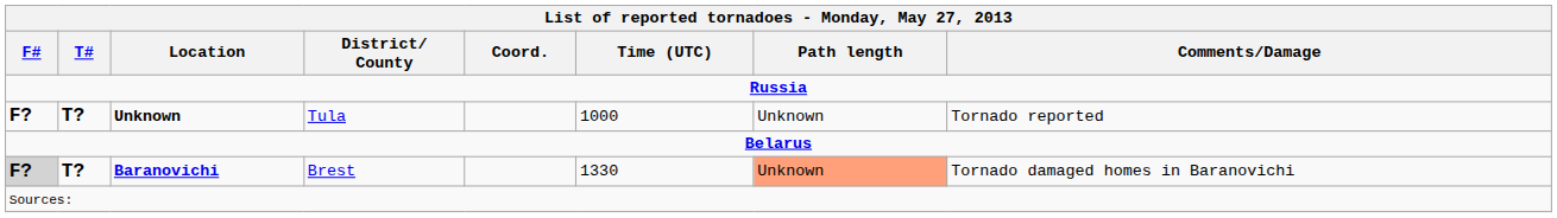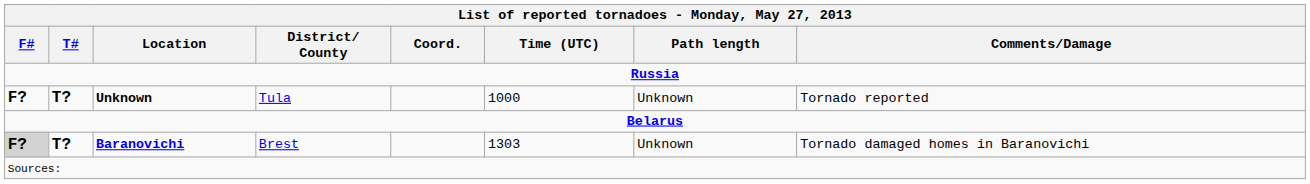 <table class="wikitable collapsible" width="100%">
 <tr>
 <th colspan="8">List of reported tornadoes - Monday, May 27, 2013</th>
 </tr>
 <tr>
 <th><a href='#'>F#</a></th>
 <th><a href='#'>T#</a></th>
 <th>Location</th>
 <th>District/<br>County</th>
 <th>Coord.</th>
 <th>Time (UTC)</th>
 <th>Path length</th>
 <th>Comments/Damage</th>
 </tr>
 <tr>
 <td colspan="8" align=center><strong><a href='#'>Russia</a></strong></td>
 </tr>
 <tr>
 <td><big><strong>F?</strong></big></td>
 <td><big><strong>T?</strong></big></td>
 <td><strong>Unknown</strong></td>
 <td><a href='#'>Tula</a></td>
 <td></td>
 <td>1000</td>
 <td>Unknown</td>
 <td>Tornado reported</td>
 </tr>
 <tr>
 <td colspan="8" align=center><strong><a href='#'>Belarus</a></strong></td>
 </tr>
 <tr>
 <td style="background: lightgrey;"><big><strong>F?</strong></big></td>
 <td><big><strong>T?</strong></big></td>
 <td><strong><a href='#'>Baranovichi</a></strong></td>
 <td><a href='#'>Brest</a></td>
 <td></td>
-<td>1330</td>
-<td style="background: lightsalmon;">Unknown</td>
+<td>1303</td>
+<td>Unknown</td>
 <td>Tornado damaged homes in Baranovichi</td>
 </tr>
 <tr>
 <td colspan="8"><small>Sources:  </small></td>
 </tr>
 </table>
